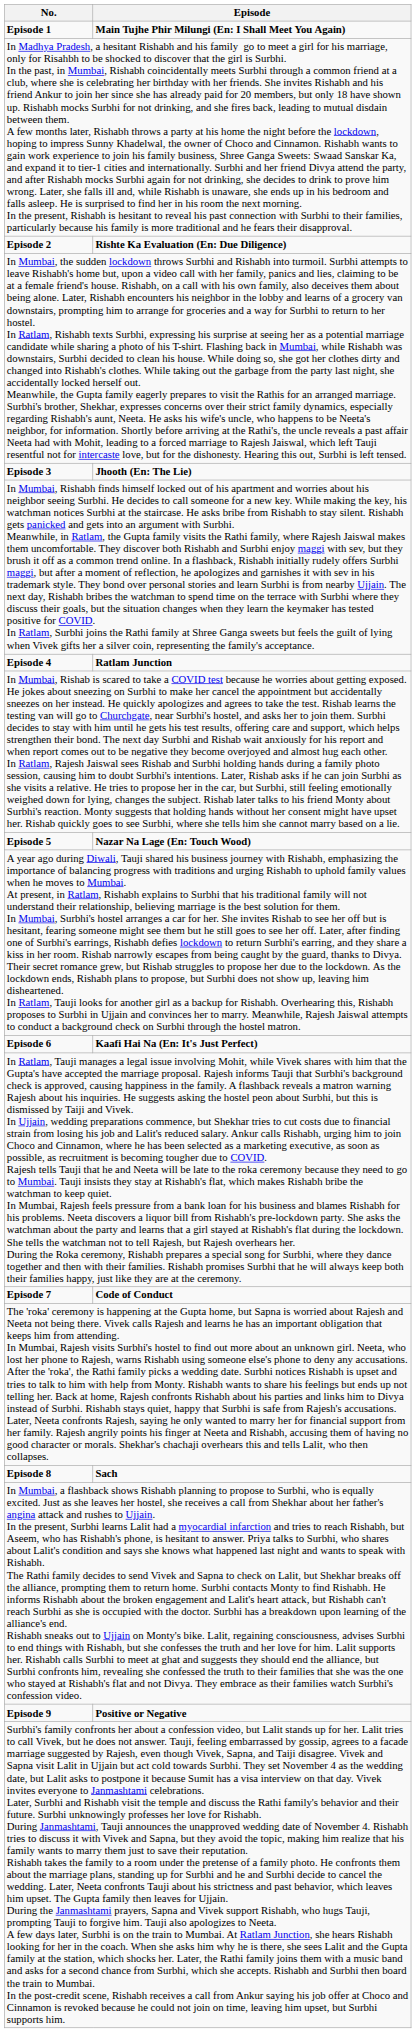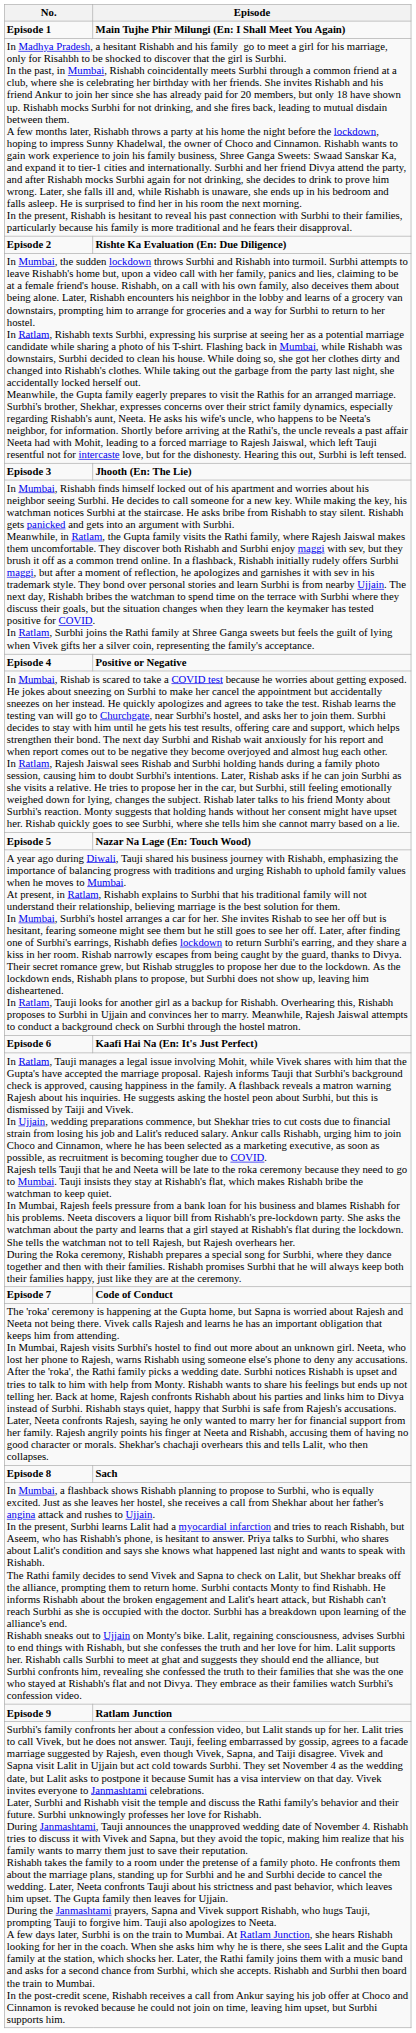 <table class="wikitable">
 <tr>
 <th>No.</th>
 <th>Episode</th>
 </tr>
 <tr>
 <td><strong>Episode 1</strong></td>
 <td><strong>Main Tujhe Phir Milungi (En: I Shall Meet You Again)</strong></td>
 </tr>
 <tr>
 <td colspan="2">In <a href='#'>Madhya Pradesh</a>, a hesitant Rishabh and his family  go to meet a girl for his marriage, only for Risahbh to be shocked to discover that the girl is Surbhi.<br>In the past, in <a href='#'>Mumbai</a>, Rishabh coincidentally meets Surbhi through a common friend at a club, where she is celebrating her birthday with her friends. She invites Rishabh and his friend Ankur to join her since she has already paid for 20 members, but only 18 have shown up. Rishabh mocks Surbhi for not drinking, and she fires back, leading to mutual disdain between them.<br>A few months later, Rishabh throws a party at his home the night before the <a href='#'>lockdown</a>, hoping to impress Sunny Khadelwal, the owner of Choco and Cinnamon. Rishabh wants to gain work experience to join his family business, Shree Ganga Sweets: Swaad Sanskar Ka, and expand it to tier-1 cities and internationally. Surbhi and her friend Divya attend the party, and after Rishabh mocks Surbhi again for not drinking, she decides to drink to prove him wrong. Later, she falls ill and, while Rishabh is unaware, she ends up in his bedroom and falls asleep. He is surprised to find her in his room the next morning.<br>In the present, Rishabh is hesitant to reveal his past connection with Surbhi to their families, particularly because his family is more traditional and he fears their disapproval.</td>
 </tr>
 <tr>
 <td><strong>Episode 2</strong></td>
 <td><strong>Rishte Ka Evaluation (En: Due Diligence)</strong></td>
 </tr>
 <tr>
 <td colspan="2">In <a href='#'>Mumbai</a>, the sudden <a href='#'>lockdown</a> throws Surbhi and Rishabh into turmoil. Surbhi attempts to leave Rishabh's home but, upon a video call with her family, panics and lies, claiming to be at a female friend's house. Rishabh, on a call with his own family, also deceives them about being alone. Later, Rishabh encounters his neighbor in the lobby and learns of a grocery van downstairs, prompting him to arrange for groceries and a way for Surbhi to return to her hostel.<br>In <a href='#'>Ratlam</a>, Rishabh texts Surbhi, expressing his surprise at seeing her as a potential marriage candidate while sharing a photo of his T-shirt. Flashing back in <a href='#'>Mumbai</a>, while Rishabh was downstairs, Surbhi decided to clean his house. While doing so, she got her clothes dirty and changed into Rishabh's clothes. While taking out the garbage from the party last night, she accidentally locked herself out.<br>Meanwhile, the Gupta family eagerly prepares to visit the Rathis for an arranged marriage. Surbhi's brother, Shekhar, expresses concerns over their strict family dynamics, especially regarding Rishabh's aunt, Neeta. He asks his wife's uncle, who happens to be Neeta's neighbor, for information. Shortly before arriving at the Rathi's, the uncle reveals a past affair Neeta had with Mohit, leading to a forced marriage to Rajesh Jaiswal, which left Tauji resentful not for <a href='#'>intercaste</a> love, but for the dishonesty. Hearing this out, Surbhi is left tensed.</td>
 </tr>
 <tr>
 <td><strong>Episode 3</strong></td>
 <td><strong>Jhooth (En: The Lie)</strong></td>
 </tr>
 <tr>
 <td colspan="2">In <a href='#'>Mumbai</a>, Rishabh finds himself locked out of his apartment and worries about his neighbor seeing Surbhi. He decides to call someone for a new key. While making the key, his watchman notices Surbhi at the staircase. He asks bribe from Rishabh to stay silent. Rishabh gets <a href='#'>panicked</a> and gets into an argument with Surbhi.<br>Meanwhile, in <a href='#'>Ratlam</a>, the Gupta family visits the Rathi family, where Rajesh Jaiswal makes them uncomfortable. They discover both Rishabh and Surbhi enjoy <a href='#'>maggi</a> with sev, but they brush it off as a common trend online. In a flashback, Rishabh initially rudely offers Surbhi <a href='#'>maggi</a>, but after a moment of reflection, he apologizes and garnishes it with sev in his trademark style. They bond over personal stories and learn Surbhi is from nearby <a href='#'>Ujjain</a>. The next day, Rishabh bribes the watchman to spend time on the terrace with Surbhi where they discuss their goals, but the situation changes when they learn the keymaker has tested positive for <a href='#'>COVID</a>.<br>In <a href='#'>Ratlam</a>, Surbhi joins the Rathi family at Shree Ganga sweets but feels the guilt of lying when Vivek gifts her a silver coin, representing the family's acceptance.</td>
 </tr>
 <tr>
 <td><strong>Episode 4</strong></td>
-<td><strong>Ratlam Junction</strong></td>
+<td><strong>Positive or Negative</strong></td>
 </tr>
 <tr>
 <td colspan="2">In <a href='#'>Mumbai</a>, Rishab is scared to take a <a href='#'>COVID test</a> because he worries about getting exposed. He jokes about sneezing on Surbhi to make her cancel the appointment but accidentally sneezes on her instead. He quickly apologizes and agrees to take the test. Rishab learns the testing van will go to <a href='#'>Churchgate</a>, near Surbhi's hostel, and asks her to join them. Surbhi decides to stay with him until he gets his test results, offering care and support, which helps strengthen their bond. The next day Surbhi and Rishab wait anxiously for his report and when report comes out to be negative they become overjoyed and almost hug each other.<br>In <a href='#'>Ratlam</a>, Rajesh Jaiswal sees Rishab and Surbhi holding hands during a family photo session, causing him to doubt Surbhi's intentions. Later, Rishab asks if he can join Surbhi as she visits a relative. He tries to propose her in the car, but Surbhi, still feeling emotionally weighed down for lying, changes the subject. Rishab later talks to his friend Monty about Surbhi's reaction. Monty suggests that holding hands without her consent might have upset her. Rishab quickly goes to see Surbhi, where she tells him she cannot marry based on a lie.</td>
 </tr>
 <tr>
 <td><strong>Episode 5</strong></td>
 <td><strong>Nazar Na Lage (En: Touch Wood)</strong></td>
 </tr>
 <tr>
 <td colspan="2">A year ago during <a href='#'>Diwali</a>, Tauji shared his business journey with Rishabh, emphasizing the importance of balancing progress with traditions and urging Rishabh to uphold family values when he moves to <a href='#'>Mumbai</a>.<br>At present, in <a href='#'>Ratlam</a>, Rishabh explains to Surbhi that his traditional family will not understand their relationship, believing marriage is the best solution for them.<br>In <a href='#'>Mumbai</a>, Surbhi's hostel arranges a car for her. She invites Rishab to see her off but is hesitant, fearing someone might see them but he still goes to see her off. Later, after finding one of Surbhi's earrings, Rishabh defies <a href='#'>lockdown</a> to return Surbhi's earring, and they share a kiss in her room. Rishab narrowly escapes from being caught by the guard, thanks to Divya. Their secret romance grew, but Rishab struggles to propose her due to the lockdown. As the lockdown ends, Rishabh plans to propose, but Surbhi does not show up, leaving him disheartened.<br>In <a href='#'>Ratlam</a>, Tauji looks for another girl as a backup for Rishabh. Overhearing this, Rishabh proposes to Surbhi in Ujjain and convinces her to marry. Meanwhile, Rajesh Jaiswal attempts to conduct a background check on Surbhi through the hostel matron.</td>
 </tr>
 <tr>
 <td><strong>Episode 6</strong></td>
 <td><strong>Kaafi Hai Na (En: It's Just Perfect)</strong></td>
 </tr>
 <tr>
 <td colspan="2">In <a href='#'>Ratlam</a>, Tauji manages a legal issue involving Mohit, while Vivek shares with him that the Gupta's have accepted the marriage proposal. Rajesh informs Tauji that Surbhi's background check is approved, causing happiness in the family. A flashback reveals a matron warning Rajesh about his inquiries. He suggests asking the hostel peon about Surbhi, but this is dismissed by Taiji and Vivek.<br>In <a href='#'>Ujjain</a>, wedding preparations commence, but Shekhar tries to cut costs due to financial strain from losing his job and Lalit's reduced salary. Ankur calls Rishabh, urging him to join Choco and Cinnamon, where he has been selected as a marketing executive, as soon as possible, as recruitment is becoming tougher due to <a href='#'>COVID</a>.<br>Rajesh tells Tauji that he and Neeta will be late to the roka ceremony because they need to go to <a href='#'>Mumbai</a>. Tauji insists they stay at Rishabh's flat, which makes Rishabh bribe the watchman to keep quiet.<br>In Mumbai, Rajesh feels pressure from a bank loan for his business and blames Rishabh for his problems. Neeta discovers a liquor bill from Rishabh's pre-lockdown party. She asks the watchman about the party and learns that a girl stayed at Rishabh's flat during the lockdown. She tells the watchman not to tell Rajesh, but Rajesh overhears her.<br>During the Roka ceremony, Rishabh prepares a special song for Surbhi, where they dance together and then with their families. Rishabh promises Surbhi that he will always keep both their families happy, just like they are at the ceremony.</td>
 </tr>
 <tr>
 <td><strong>Episode 7</strong></td>
 <td><strong>Code of Conduct</strong></td>
 </tr>
 <tr>
 <td colspan="2">The 'roka' ceremony is happening at the Gupta home, but Sapna is worried about Rajesh and Neeta not being there. Vivek calls Rajesh and learns he has an important obligation that keeps him from attending.<br>In Mumbai, Rajesh visits Surbhi's hostel to find out more about an unknown girl. Neeta, who lost her phone to Rajesh, warns Rishabh using someone else's phone to deny any accusations.<br>After the 'roka', the Rathi family picks a wedding date. Surbhi notices Rishabh is upset and tries to talk to him with help from Monty. Rishabh wants to share his feelings but ends up not telling her. Back at home, Rajesh confronts Rishabh about his parties and links him to Divya instead of Surbhi. Rishabh stays quiet, happy that Surbhi is safe from Rajesh's accusations.<br>Later, Neeta confronts Rajesh, saying he only wanted to marry her for financial support from her family. Rajesh angrily points his finger at Neeta and Rishabh, accusing them of having no good character or morals. Shekhar's chachaji overhears this and tells Lalit, who then collapses.</td>
 </tr>
 <tr>
 <td><strong>Episode 8</strong></td>
 <td><strong>Sach</strong></td>
 </tr>
 <tr>
 <td colspan="2">In <a href='#'>Mumbai</a>, a flashback shows Rishabh planning to propose to Surbhi, who is equally excited. Just as she leaves her hostel, she receives a call from Shekhar about her father's <a href='#'>angina</a> attack and rushes to <a href='#'>Ujjain</a>.<br>In the present, Surbhi learns Lalit had a <a href='#'>myocardial infarction</a> and tries to reach Rishabh, but Aseem, who has Rishabh's phone, is hesitant to answer. Priya talks to Surbhi, who shares about Lalit's condition and says she knows what happened last night and wants to speak with Rishabh.<br>The Rathi family decides to send Vivek and Sapna to check on Lalit, but Shekhar breaks off the alliance, prompting them to return home. Surbhi contacts Monty to find Rishabh. He informs Rishabh about the broken engagement and Lalit's heart attack, but Rishabh can't reach Surbhi as she is occupied with the doctor. Surbhi has a breakdown upon learning of the alliance's end.<br>Rishabh sneaks out to <a href='#'>Ujjain</a> on Monty's bike. Lalit, regaining consciousness, advises Surbhi to end things with Rishabh, but she confesses the truth and her love for him. Lalit supports her. Rishabh calls Surbhi to meet at ghat and suggests they should end the alliance, but Surbhi confronts him, revealing she confessed the truth to their families that she was the one who stayed at Rishabh's flat and not Divya. They embrace as their families watch Surbhi's confession video.</td>
 </tr>
 <tr>
 <td><strong>Episode 9</strong></td>
-<td><strong>Positive or Negative</strong></td>
+<td><strong>Ratlam Junction</strong></td>
 </tr>
 <tr>
 <td colspan="2">Surbhi's family confronts her about a confession video, but Lalit stands up for her. Lalit tries to call Vivek, but he does not answer. Tauji, feeling embarrassed by gossip, agrees to a facade marriage suggested by Rajesh, even though Vivek, Sapna, and Taiji disagree. Vivek and Sapna visit Lalit in Ujjain but act cold towards Surbhi. They set November 4 as the wedding date, but Lalit asks to postpone it because Sumit has a visa interview on that day. Vivek invites everyone to <a href='#'>Janmashtami</a> celebrations.<br>Later, Surbhi and Rishabh visit the temple and discuss the Rathi family's behavior and their future. Surbhi unknowingly professes her love for Rishabh.<br>During <a href='#'>Janmashtami</a>, Tauji announces the unapproved wedding date of November 4. Rishabh tries to discuss it with Vivek and Sapna, but they avoid the topic, making him realize that his family wants to marry them just to save their reputation.<br>Rishabh takes the family to a room under the pretense of a family photo. He confronts them about the marriage plans, standing up for Surbhi and he and Surbhi decide to cancel the wedding. Later, Neeta confronts Tauji about his strictness and past behavior, which leaves him upset. The Gupta family then leaves for Ujjain.<br>During the <a href='#'>Janmashtami</a> prayers, Sapna and Vivek support Rishabh, who hugs Tauji, prompting Tauji to forgive him. Tauji also apologizes to Neeta.<br>A few days later, Surbhi is on the train to Mumbai. At <a href='#'>Ratlam Junction</a>, she hears Rishabh looking for her in the coach. When she asks him why he is there, she sees Lalit and the Gupta family at the station, which shocks her. Later, the Rathi family joins them with a music band and asks for a second chance from Surbhi, which she accepts. Rishabh and Surbhi then board the train to Mumbai.<br>In the post-credit scene, Rishabh receives a call from Ankur saying his job offer at Choco and Cinnamon is revoked because he could not join on time, leaving him upset, but Surbhi supports him.</td>
 </tr>
 </table>
